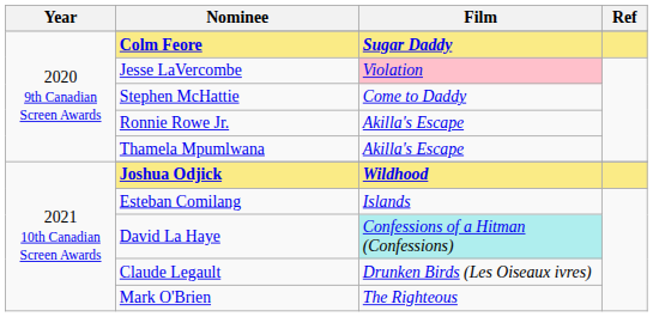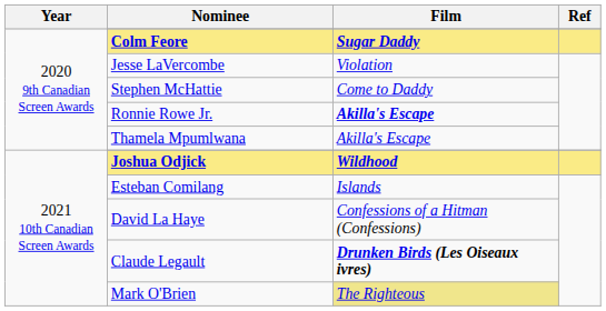 <table class="wikitable" style="width:100%;">
 <tr style="background:#bebebe;">
 <th style="width:8%;">Year</th>
 <th style="width:19%;">Nominee</th>
 <th style="width:19%;">Film</th>
 <th style="width:2%;">Ref</th>
 </tr>
 <tr>
 <td rowspan="6" align="center">2020 <br> <small><a href='#'>9th Canadian Screen Awards</a></small></td>
 </tr>
 <tr style="background:#FAEB86;">
 <td><strong><a href='#'>Colm Feore</a></strong></td>
 <td><strong><em><a href='#'>Sugar Daddy</a></em></strong></td>
 <td></td>
 </tr>
 <tr>
 <td><a href='#'>Jesse LaVercombe</a></td>
-<td style="background: pink;"><em><a href='#'>Violation</a></em></td>
+<td><em><a href='#'>Violation</a></em></td>
 <td rowspan=4></td>
 </tr>
 <tr>
 <td><a href='#'>Stephen McHattie</a></td>
 <td><em><a href='#'>Come to Daddy</a></em></td>
 </tr>
 <tr>
 <td><a href='#'>Ronnie Rowe Jr.</a></td>
-<td><em><a href='#'>Akilla's Escape</a></em></td>
+<td><strong><em><a href='#'>Akilla's Escape</a></em></strong></td>
 </tr>
 <tr>
 <td><a href='#'>Thamela Mpumlwana</a></td>
 <td><em><a href='#'>Akilla's Escape</a></em></td>
 </tr>
 <tr>
 <td rowspan="6" align="center">2021 <br> <small><a href='#'>10th Canadian Screen Awards</a></small></td>
 </tr>
 <tr style="background:#FAEB86;">
 <td><strong><a href='#'>Joshua Odjick</a></strong></td>
 <td><strong><em><a href='#'>Wildhood</a></em></strong></td>
 <td></td>
 </tr>
 <tr>
 <td><a href='#'>Esteban Comilang</a></td>
 <td><em><a href='#'>Islands</a></em></td>
 <td rowspan=4></td>
 </tr>
 <tr>
 <td><a href='#'>David La Haye</a></td>
-<td style="background: paleturquoise;"><em><a href='#'>Confessions of a Hitman</a> (Confessions)</em></td>
+<td><em><a href='#'>Confessions of a Hitman</a> (Confessions)</em></td>
 </tr>
 <tr>
 <td><a href='#'>Claude Legault</a></td>
-<td><em><a href='#'>Drunken Birds</a> (Les Oiseaux ivres)</em></td>
+<td><strong><em><a href='#'>Drunken Birds</a> (Les Oiseaux ivres)</em></strong></td>
 </tr>
 <tr>
 <td><a href='#'>Mark O'Brien</a></td>
-<td><em><a href='#'>The Righteous</a></em></td>
+<td style="background: khaki;"><em><a href='#'>The Righteous</a></em></td>
 </tr>
 </table>
